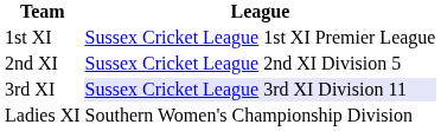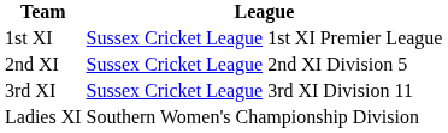 <table>
 <tr>
 <th>Team</th>
 <th>League</th>
 </tr>
 <tr>
 <td>1st XI</td>
 <td><a href='#'>Sussex Cricket League</a> 1st XI Premier League</td>
 </tr>
 <tr>
 <td>2nd XI</td>
 <td><a href='#'>Sussex Cricket League</a> 2nd XI Division 5</td>
 </tr>
 <tr>
 <td>3rd XI</td>
-<td style="background: lavender;"><a href='#'>Sussex Cricket League</a> 3rd XI Division 11</td>
+<td><a href='#'>Sussex Cricket League</a> 3rd XI Division 11</td>
 </tr>
 <tr>
 <td>Ladies XI</td>
 <td>Southern Women's Championship Division</td>
 </tr>
 </table>
